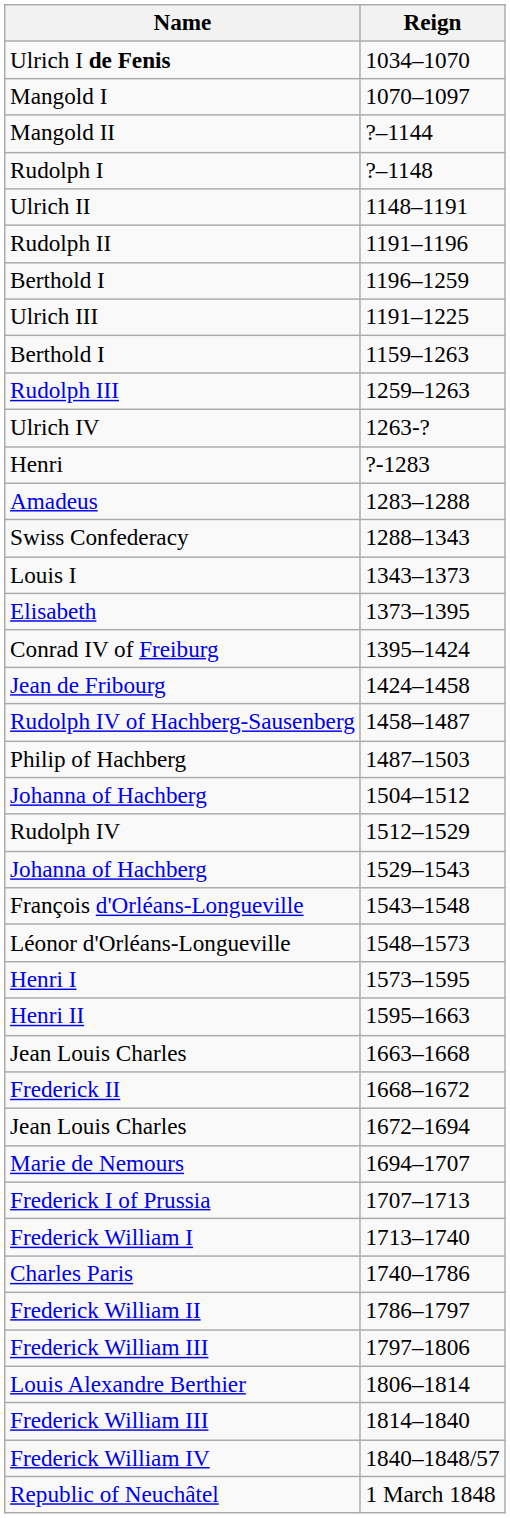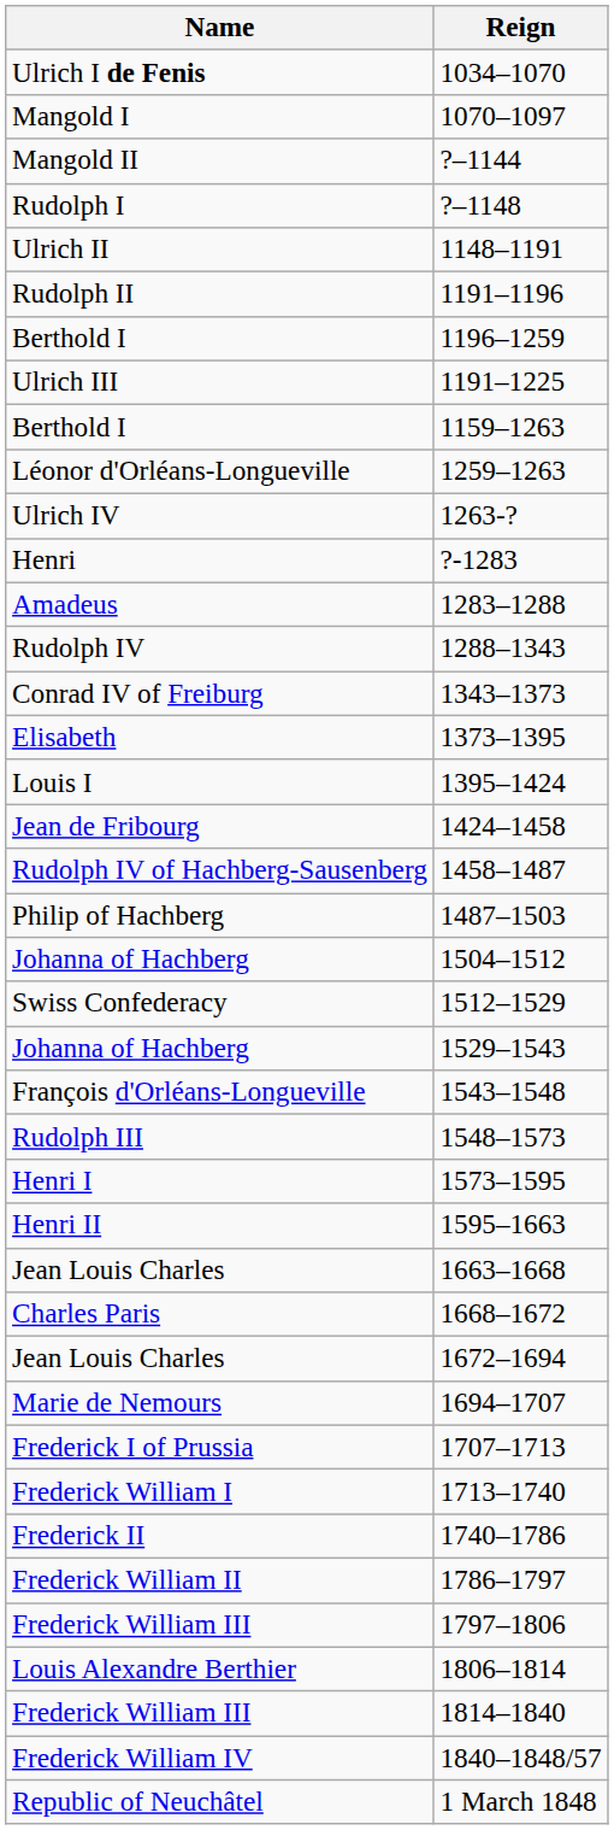 <table class="wikitable mw-collapsible mw-collapsed">
 <tr>
 <th>Name</th>
 <th>Reign</th>
 </tr>
 <tr>
 <td>Ulrich I <strong>de Fenis</strong></td>
 <td>1034–1070</td>
 </tr>
 <tr>
 <td>Mangold I</td>
 <td>1070–1097</td>
 </tr>
 <tr>
 <td>Mangold II</td>
 <td>?–1144</td>
 </tr>
 <tr>
 <td>Rudolph I</td>
 <td>?–1148</td>
 </tr>
 <tr>
 <td>Ulrich II</td>
 <td>1148–1191</td>
 </tr>
 <tr>
 <td>Rudolph II</td>
 <td>1191–1196</td>
 </tr>
 <tr>
 <td>Berthold I</td>
 <td>1196–1259</td>
 </tr>
 <tr>
 <td>Ulrich III</td>
 <td>1191–1225</td>
 </tr>
 <tr>
 <td>Berthold I</td>
 <td>1159–1263</td>
 </tr>
 <tr>
-<td><a href='#'>Rudolph III</a></td>
+<td>Léonor d'Orléans-Longueville</td>
 <td>1259–1263</td>
 </tr>
 <tr>
 <td>Ulrich IV</td>
 <td>1263-?</td>
 </tr>
 <tr>
 <td>Henri</td>
 <td>?-1283</td>
 </tr>
 <tr>
 <td><a href='#'>Amadeus</a></td>
 <td>1283–1288</td>
 </tr>
 <tr>
-<td>Swiss Confederacy</td>
+<td>Rudolph IV</td>
 <td>1288–1343</td>
 </tr>
 <tr>
-<td>Louis I</td>
+<td>Conrad IV of <a href='#'>Freiburg</a></td>
 <td>1343–1373</td>
 </tr>
 <tr>
 <td><a href='#'>Elisabeth</a></td>
 <td>1373–1395</td>
 </tr>
 <tr>
-<td>Conrad IV of <a href='#'>Freiburg</a></td>
+<td>Louis I</td>
 <td>1395–1424</td>
 </tr>
 <tr>
 <td><a href='#'>Jean de Fribourg</a></td>
 <td>1424–1458</td>
 </tr>
 <tr>
 <td><a href='#'>Rudolph IV of Hachberg-Sausenberg</a></td>
 <td>1458–1487</td>
 </tr>
 <tr>
 <td>Philip of Hachberg</td>
 <td>1487–1503</td>
 </tr>
 <tr>
 <td><a href='#'>Johanna of Hachberg</a></td>
 <td>1504–1512</td>
 </tr>
 <tr>
-<td>Rudolph IV</td>
+<td>Swiss Confederacy</td>
 <td>1512–1529</td>
 </tr>
 <tr>
 <td><a href='#'>Johanna of Hachberg</a></td>
 <td>1529–1543</td>
 </tr>
 <tr>
 <td>François <a href='#'>d'Orléans-Longueville</a></td>
 <td>1543–1548</td>
 </tr>
 <tr>
-<td>Léonor d'Orléans-Longueville</td>
+<td><a href='#'>Rudolph III</a></td>
 <td>1548–1573</td>
 </tr>
 <tr>
 <td><a href='#'>Henri I</a></td>
 <td>1573–1595</td>
 </tr>
 <tr>
 <td><a href='#'>Henri II</a></td>
 <td>1595–1663</td>
 </tr>
 <tr>
 <td>Jean Louis Charles</td>
 <td>1663–1668</td>
 </tr>
 <tr>
-<td><a href='#'>Frederick II</a></td>
+<td><a href='#'>Charles Paris</a></td>
 <td>1668–1672</td>
 </tr>
 <tr>
 <td>Jean Louis Charles</td>
 <td>1672–1694</td>
 </tr>
 <tr>
 <td><a href='#'>Marie de Nemours</a></td>
 <td>1694–1707</td>
 </tr>
 <tr>
 <td><a href='#'>Frederick I of Prussia</a></td>
 <td>1707–1713</td>
 </tr>
 <tr>
 <td><a href='#'>Frederick William I</a></td>
 <td>1713–1740</td>
 </tr>
 <tr>
-<td><a href='#'>Charles Paris</a></td>
+<td><a href='#'>Frederick II</a></td>
 <td>1740–1786</td>
 </tr>
 <tr>
 <td><a href='#'>Frederick William II</a></td>
 <td>1786–1797</td>
 </tr>
 <tr>
 <td><a href='#'>Frederick William III</a></td>
 <td>1797–1806</td>
 </tr>
 <tr>
 <td><a href='#'>Louis Alexandre Berthier</a></td>
 <td>1806–1814</td>
 </tr>
 <tr>
 <td><a href='#'>Frederick William III</a></td>
 <td>1814–1840</td>
 </tr>
 <tr>
 <td><a href='#'>Frederick William IV</a></td>
 <td>1840–1848/57</td>
 </tr>
 <tr>
 <td><a href='#'>Republic of Neuchâtel</a></td>
 <td>1 March 1848</td>
 </tr>
 </table>
